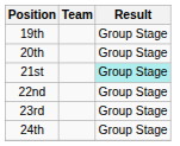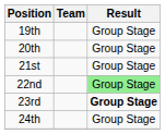 <table class="wikitable" style="text-align: center;">
 <tr>
 <th>Position</th>
 <th>Team</th>
 <th>Result</th>
 </tr>
 <tr>
 <td>19th</td>
 <td></td>
 <td>Group Stage</td>
 </tr>
 <tr>
 <td>20th</td>
 <td></td>
 <td>Group Stage</td>
 </tr>
 <tr>
 <td>21st</td>
 <td></td>
-<td style="background: paleturquoise;">Group Stage</td>
+<td>Group Stage</td>
 </tr>
 <tr>
 <td>22nd</td>
 <td></td>
-<td>Group Stage</td>
+<td style="background: lightgreen;">Group Stage</td>
 </tr>
 <tr>
 <td>23rd</td>
 <td></td>
-<td>Group Stage</td>
+<td><strong>Group Stage</strong></td>
 </tr>
 <tr>
 <td>24th</td>
 <td></td>
 <td>Group Stage</td>
 </tr>
 <tr>
 </tr>
 </table>
